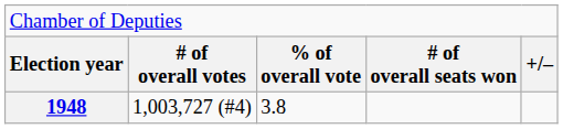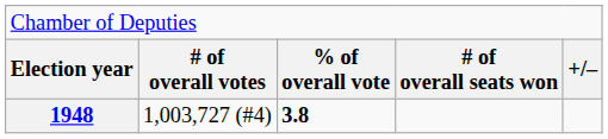 <table class=wikitable>
 <tr>
 <td colspan=6><a href='#'>Chamber of Deputies</a></td>
 </tr>
 <tr>
 <th>Election year</th>
 <th># of<br>overall votes</th>
 <th>% of<br>overall vote</th>
 <th># of<br>overall seats won</th>
 <th>+/–</th>
 </tr>
 <tr>
 <th><a href='#'>1948</a></th>
 <td>1,003,727 (#4)</td>
-<td>3.8</td>
+<td><strong>3.8</strong></td>
 <td></td>
 <td></td>
 </tr>
 </table>
